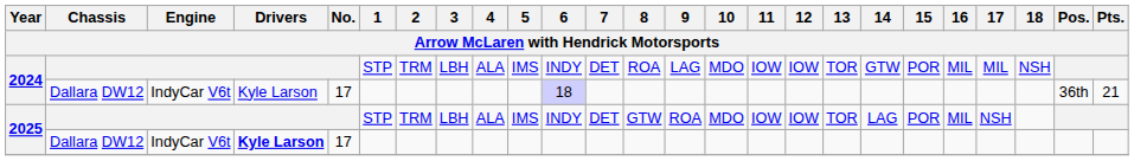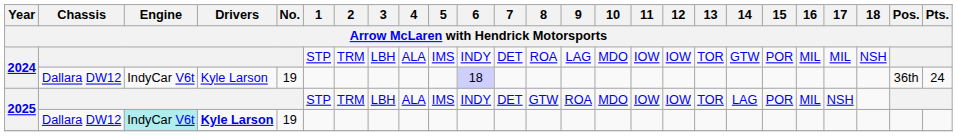 <table class="wikitable" style="text-align:center; font-size:75%">
 <tr>
 <th>Year</th>
 <th style="white-spaaace: nowrap;">Chassis</th>
 <th style="white-spaaace: nowrap;">Engine</th>
 <th style="white-spaaace: nowrap;">Drivers</th>
 <th>No.</th>
 <th>1</th>
 <th>2</th>
 <th>3</th>
 <th>4</th>
 <th>5</th>
 <th>6</th>
 <th>7</th>
 <th>8</th>
 <th>9</th>
 <th>10</th>
 <th>11</th>
 <th>12</th>
 <th>13</th>
 <th>14</th>
 <th>15</th>
 <th>16</th>
 <th>17</th>
 <th>18</th>
 <th>Pos.</th>
 <th>Pts.</th>
 </tr>
 <tr>
 <th colspan=25><a href='#'>Arrow McLaren</a> with Hendrick Motorsports</th>
 </tr>
 <tr>
 <th rowspan=2><a href='#'>2024</a></th>
 <th colspan=4></th>
 <td><a href='#'>STP</a></td>
 <td><a href='#'>TRM</a></td>
 <td><a href='#'>LBH</a></td>
 <td><a href='#'>ALA</a></td>
 <td><a href='#'>IMS</a></td>
 <td><a href='#'>INDY</a></td>
 <td><a href='#'>DET</a></td>
 <td><a href='#'>ROA</a></td>
 <td><a href='#'>LAG</a></td>
 <td><a href='#'>MDO</a></td>
 <td><a href='#'>IOW</a></td>
 <td><a href='#'>IOW</a></td>
 <td><a href='#'>TOR</a></td>
 <td><a href='#'>GTW</a></td>
 <td><a href='#'>POR</a></td>
 <td><a href='#'>MIL</a></td>
 <td><a href='#'>MIL</a></td>
 <td><a href='#'>NSH</a></td>
 <th colspan=2></th>
 </tr>
 <tr>
 <td rowspan="1"><a href='#'>Dallara</a> <a href='#'>DW12</a></td>
 <td rowspan="1">IndyCar <a href='#'>V6</a><a href='#'>t</a></td>
 <td align="left"> <a href='#'>Kyle Larson</a> </td>
-<td>17</td>
+<td>19</td>
 <td></td>
 <td></td>
 <td></td>
 <td></td>
 <td></td>
 <td style="background:#CFCFFF;">18</td>
 <td></td>
 <td></td>
 <td></td>
 <td></td>
 <td></td>
 <td></td>
 <td></td>
 <td></td>
 <td></td>
 <td></td>
 <td></td>
 <td></td>
 <td>36th</td>
-<td>21</td>
+<td>24</td>
 </tr>
 <tr>
 <th rowspan="2"><a href='#'>2025</a></th>
 <th colspan="4"></th>
 <td><a href='#'>STP</a></td>
 <td><a href='#'>TRM</a></td>
 <td><a href='#'>LBH</a></td>
 <td><a href='#'>ALA</a></td>
 <td><a href='#'>IMS</a></td>
 <td><a href='#'>INDY</a></td>
 <td><a href='#'>DET</a></td>
 <td><a href='#'>GTW</a></td>
 <td><a href='#'>ROA</a></td>
 <td><a href='#'>MDO</a></td>
 <td><a href='#'>IOW</a></td>
 <td><a href='#'>IOW</a></td>
 <td><a href='#'>TOR</a></td>
 <td><a href='#'>LAG</a></td>
 <td><a href='#'>POR</a></td>
 <td><a href='#'>MIL</a></td>
 <td><a href='#'>NSH</a></td>
 <td></td>
 <th colspan="2"></th>
 </tr>
 <tr>
 <td><a href='#'>Dallara</a> <a href='#'>DW12</a></td>
-<td>IndyCar <a href='#'>V6</a><a href='#'>t</a></td>
+<td style="background: paleturquoise;">IndyCar <a href='#'>V6</a><a href='#'>t</a></td>
 <td><strong> <a href='#'>Kyle Larson</a></strong></td>
-<td>17</td>
+<td>19</td>
 <td></td>
 <td></td>
 <td></td>
 <td></td>
 <td></td>
 <td></td>
 <td></td>
 <td></td>
 <td></td>
 <td></td>
 <td></td>
 <td></td>
 <td></td>
 <td></td>
 <td></td>
 <td></td>
 <td></td>
 <td></td>
 <td></td>
 <td></td>
 </tr>
 <tr>
 </tr>
 </table>
